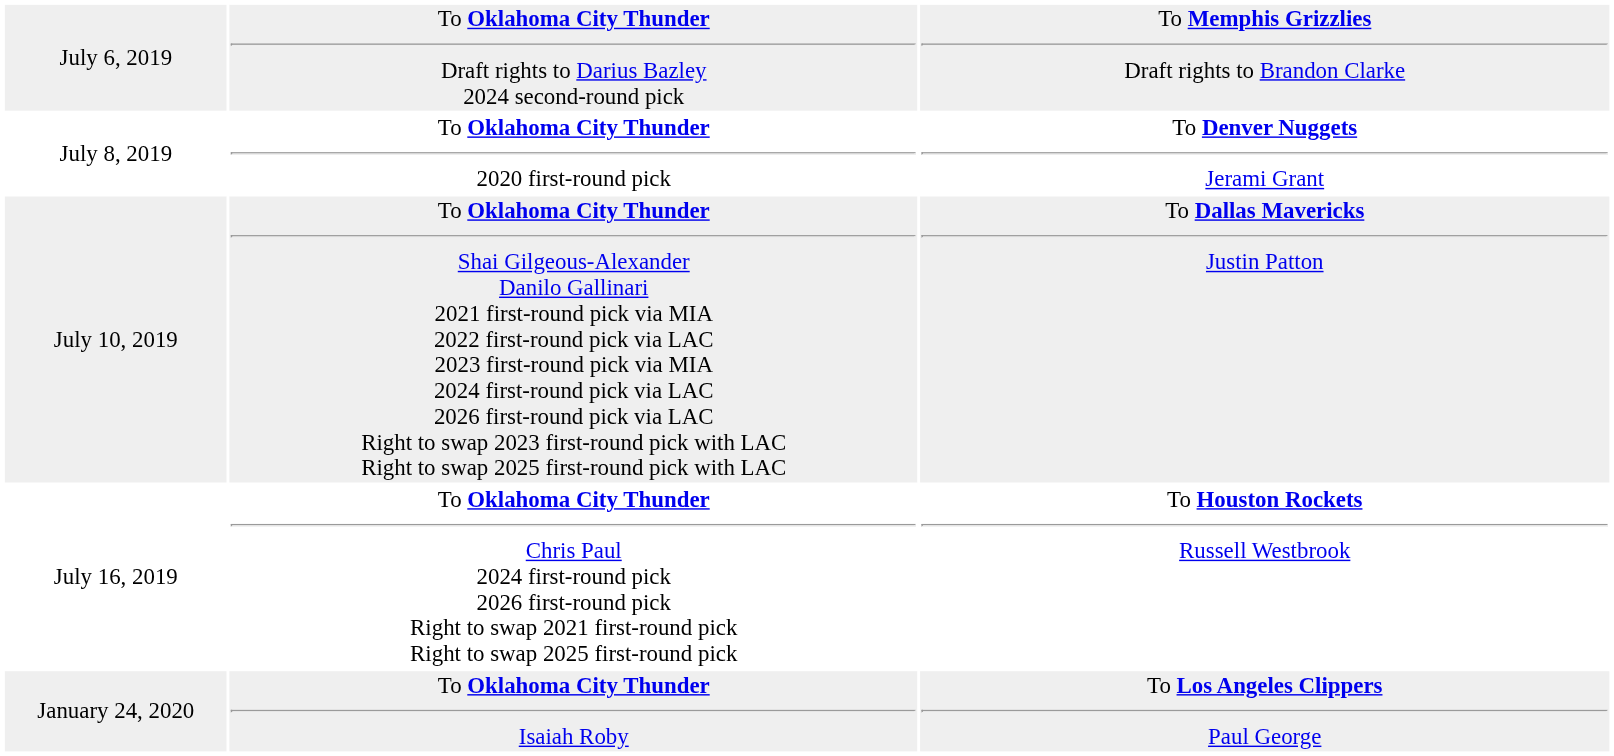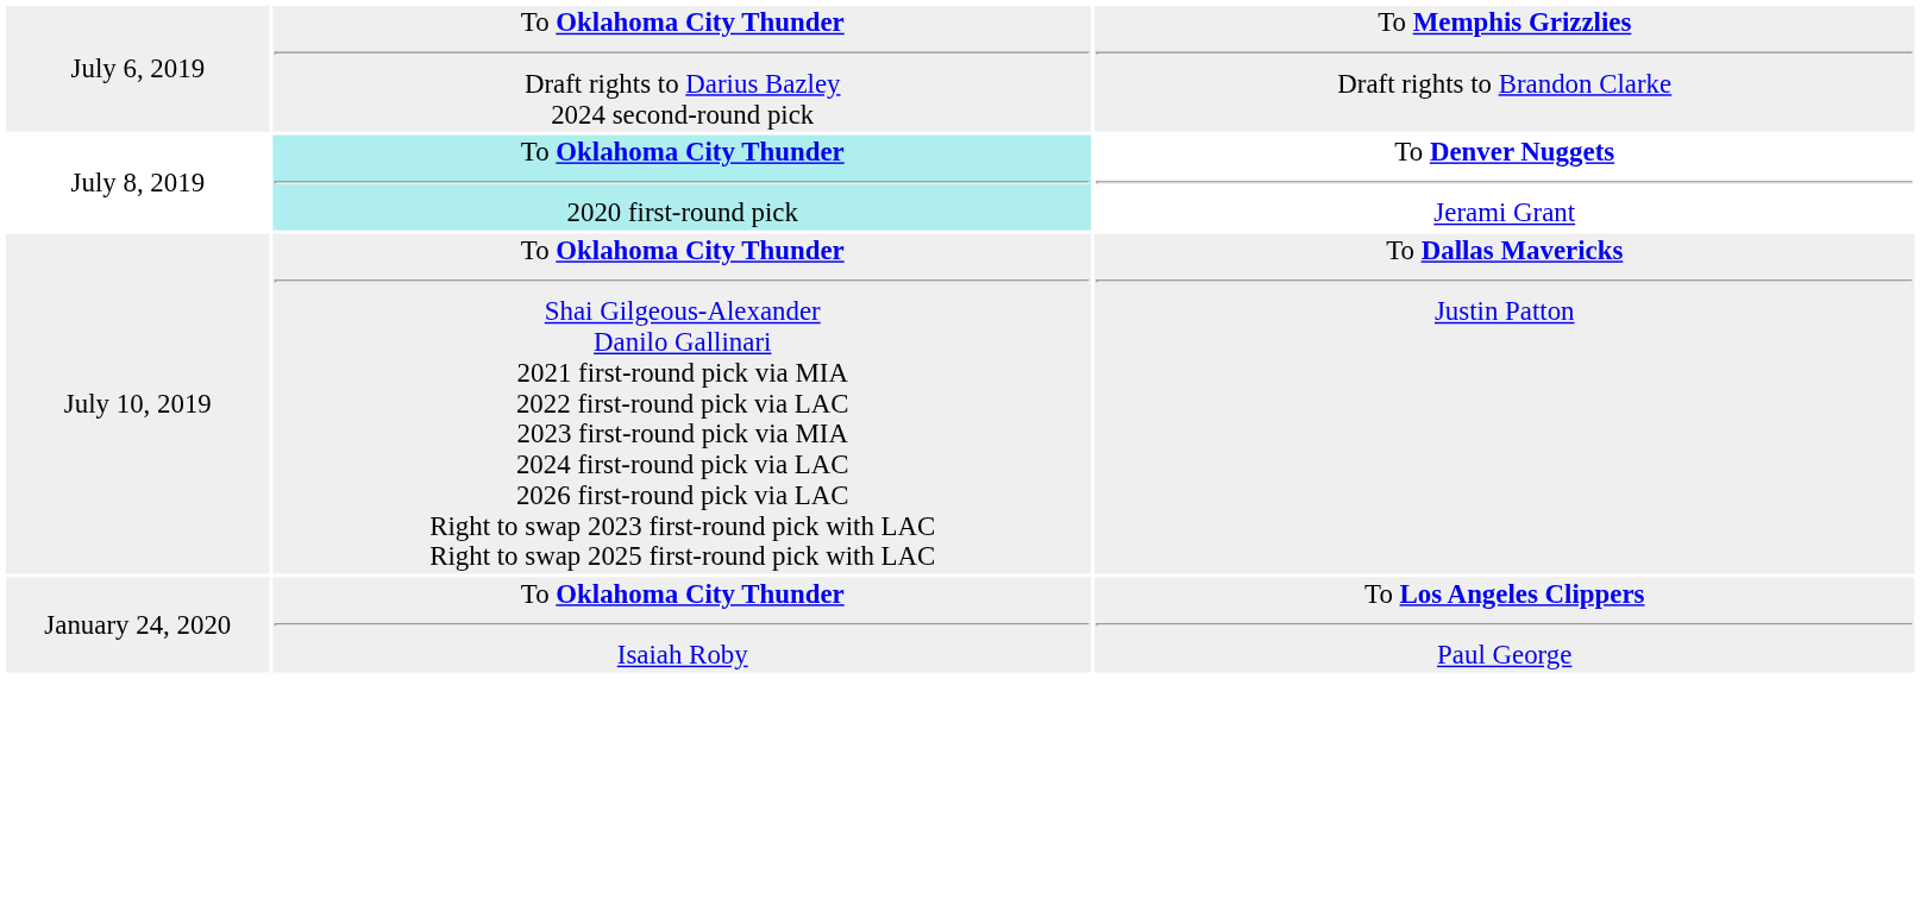 <table style="text-align: center">
 <tr style="background:#eeee">
 <td style="width:10%">July 6, 2019</td>
 <td style="width:31%; vertical-align:top;">To <strong><a href='#'>Oklahoma City Thunder</a></strong><hr>Draft rights to <a href='#'>Darius Bazley</a><br>2024 second-round pick</td>
 <td style="width:31%; vertical-align:top;">To <strong><a href='#'>Memphis Grizzlies</a></strong><hr>Draft rights to <a href='#'>Brandon Clarke</a></td>
 </tr>
 <tr>
 <td style="width:10%">July 8, 2019</td>
-<td style="width:31%; vertical-align:top;">To <strong><a href='#'>Oklahoma City Thunder</a></strong><hr>2020 first-round pick</td>
+<td style="background: paleturquoise; width:31%; vertical-align:top;">To <strong><a href='#'>Oklahoma City Thunder</a></strong><hr>2020 first-round pick</td>
 <td style="width:31%; vertical-align:top;">To <strong><a href='#'>Denver Nuggets</a></strong><hr><a href='#'>Jerami Grant</a></td>
 </tr>
 <tr style="background:#eeee">
 <td style="width:10%">July 10, 2019</td>
 <td style="width:31%; vertical-align:top;">To <strong><a href='#'>Oklahoma City Thunder</a></strong><hr><a href='#'>Shai Gilgeous-Alexander</a><br><a href='#'>Danilo Gallinari</a><br>2021 first-round pick via MIA<br>2022 first-round pick via LAC<br>2023 first-round pick via MIA<br>2024 first-round pick via LAC<br>2026 first-round pick via LAC<br>Right to swap 2023 first-round pick with LAC<br>Right to swap 2025 first-round pick with LAC</td>
 <td style="width:31%; vertical-align:top;">To <strong><a href='#'>Dallas Mavericks</a></strong><hr><a href='#'>Justin Patton</a></td>
 </tr>
-<tr>
-<td style="width:10%">July 16, 2019</td>
-<td style="width:31%; vertical-align:top;">To <strong><a href='#'>Oklahoma City Thunder</a></strong><hr><a href='#'>Chris Paul</a><br>2024 first-round pick<br>2026 first-round pick<br>Right to swap 2021 first-round pick<br>Right to swap 2025 first-round pick</td>
-<td style="width:31%; vertical-align:top;">To <strong><a href='#'>Houston Rockets</a></strong><hr><a href='#'>Russell Westbrook</a></td>
-</tr>
 <tr style="background:#eeee">
 <td style="width:10%">January 24, 2020</td>
 <td style="width:31%; vertical-align:top;">To <strong><a href='#'>Oklahoma City Thunder</a></strong><hr><a href='#'>Isaiah Roby</a></td>
 <td style="width:31%; vertical-align:top;">To <strong><a href='#'>Los Angeles Clippers</a></strong><hr><a href='#'>Paul George</a></td>
 </tr>
 </table>
